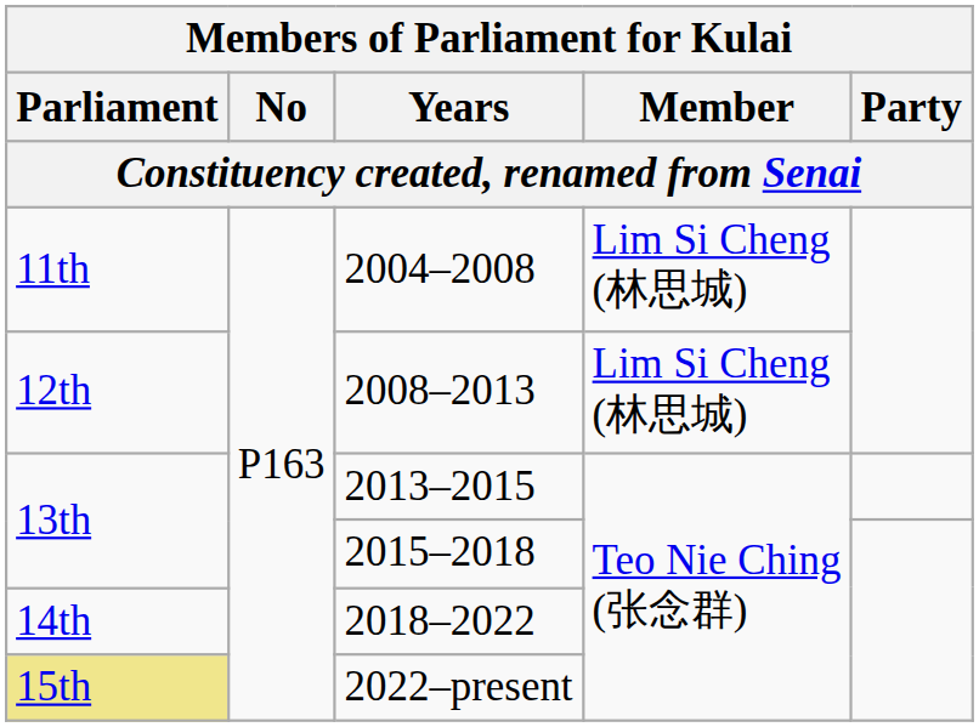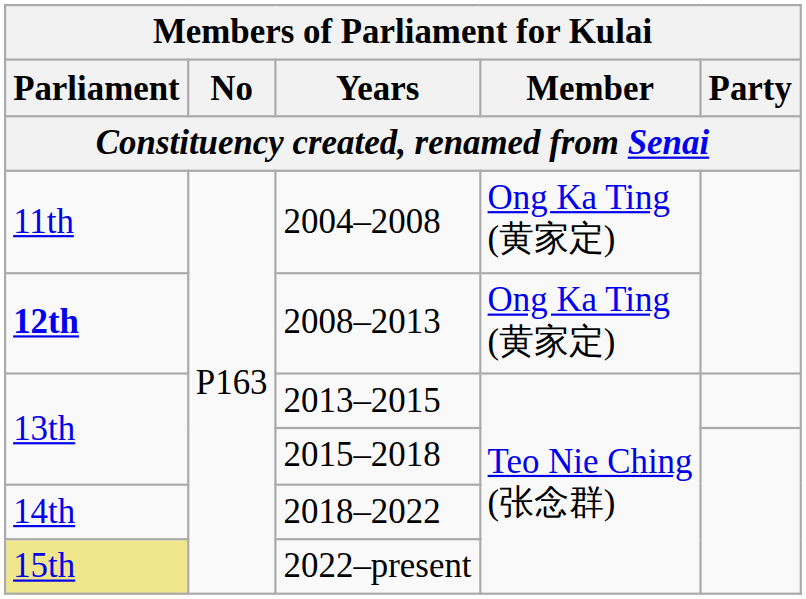 <table class=wikitable>
 <tr>
 <th colspan="5">Members of Parliament for Kulai</th>
 </tr>
 <tr>
 <th>Parliament</th>
 <th>No</th>
 <th>Years</th>
 <th>Member</th>
 <th>Party</th>
 </tr>
 <tr>
 <th colspan="5" align="center"><strong><em>Constituency created, renamed from <a href='#'>Senai</a></em></strong></th>
 </tr>
 <tr>
 <td><a href='#'>11th</a></td>
 <td rowspan=6>P163</td>
 <td class=" nowrap">2004–2008</td>
-<td><a href='#'>Lim Si Cheng</a> <br> (林思城)</td>
+<td><a href='#'>Ong Ka Ting</a>  <br>(黄家定)</td>
 <td rowspan="2"></td>
 </tr>
 <tr>
-<td><a href='#'>12th</a></td>
+<td><strong><a href='#'>12th</a></strong></td>
 <td>2008–2013</td>
-<td><a href='#'>Lim Si Cheng</a> <br> (林思城)</td>
+<td><a href='#'>Ong Ka Ting</a>  <br>(黄家定)</td>
 </tr>
 <tr>
 <td rowspan=2><a href='#'>13th</a></td>
 <td>2013–2015</td>
 <td rowspan=4><a href='#'>Teo Nie Ching</a>  <br>(张念群)</td>
 <td></td>
 </tr>
 <tr>
 <td>2015–2018</td>
 <td rowspan=3></td>
 </tr>
 <tr>
 <td><a href='#'>14th</a></td>
 <td>2018–2022</td>
 </tr>
 <tr>
 <td style="background: khaki;"><a href='#'>15th</a></td>
 <td>2022–present</td>
 </tr>
 </table>
